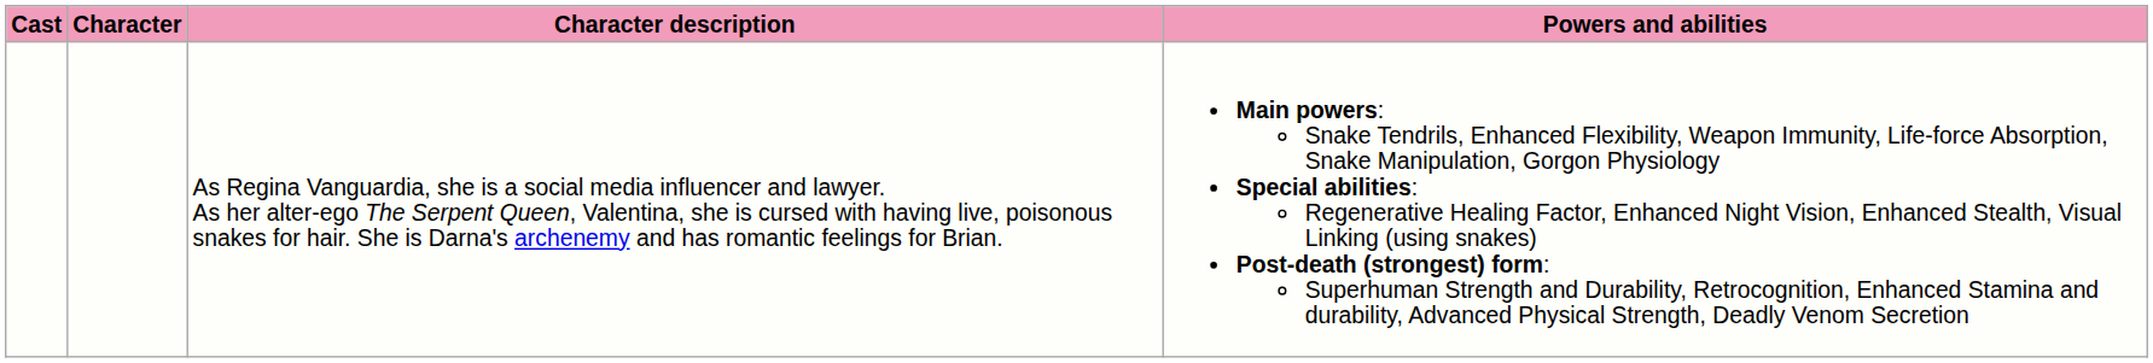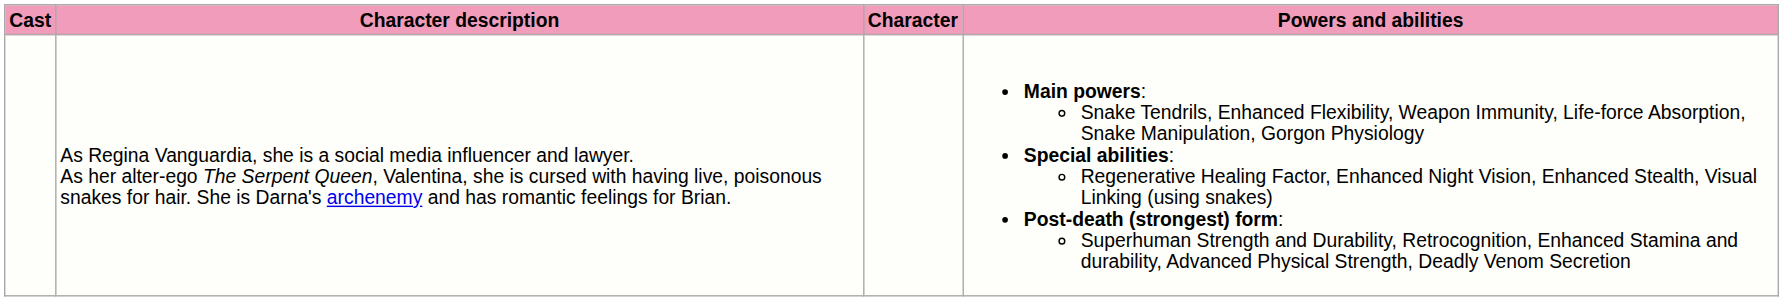 <table class="wikitable" style=" background:#FEFEFA; font-size: 85%;">
 <tr>
 <th style="background:#F19CBB;">Cast</th>
+<th style="background:#F19CBB;">Character description</th>
 <th style="background:#F19CBB; ">Character</th>
-<th style="background:#F19CBB;">Character description</th>
 <th style="background:#F19CBB;">Powers and abilities</th>
 </tr>
 <tr>
 <td></td>
+<td><br>As Regina Vanguardia, she is a social media influencer and lawyer.<br>As her alter-ego <em>The Serpent Queen</em>, Valentina, she is cursed with having live, poisonous snakes for hair. She is Darna's <a href='#'>archenemy</a> and has romantic feelings for Brian.</td>
 <td></td>
-<td><br>As Regina Vanguardia, she is a social media influencer and lawyer.<br>As her alter-ego <em>The Serpent Queen</em>, Valentina, she is cursed with having live, poisonous snakes for hair. She is Darna's <a href='#'>archenemy</a> and has romantic feelings for Brian.</td>
 <td><br><ul><li><strong>Main powers</strong>:<ul><li>Snake Tendrils, Enhanced Flexibility, Weapon Immunity, Life-force Absorption, Snake Manipulation, Gorgon Physiology</li></ul></li><li><strong>Special abilities</strong>:<ul><li>Regenerative Healing Factor, Enhanced Night Vision, Enhanced Stealth, Visual Linking (using snakes)</li></ul></li><li><strong>Post-death (strongest) form</strong>:<ul><li>Superhuman Strength and Durability, Retrocognition, Enhanced Stamina and durability, Advanced Physical Strength, Deadly Venom Secretion</li></ul></li></ul></td>
 </tr>
 </table>
